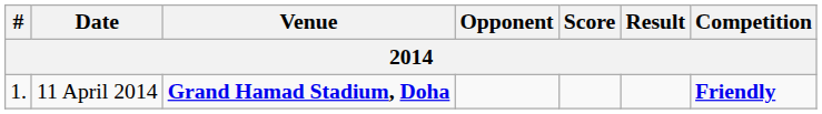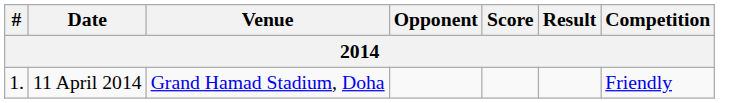 <table class="wikitable">
 <tr>
 <th>#</th>
 <th>Date</th>
 <th>Venue</th>
 <th>Opponent</th>
 <th>Score</th>
 <th>Result</th>
 <th>Competition</th>
 </tr>
 <tr>
 <th colspan="7">2014</th>
 </tr>
 <tr>
 <td>1.</td>
 <td>11 April 2014</td>
-<td><strong><a href='#'>Grand Hamad Stadium</a>, <a href='#'>Doha</a></strong></td>
+<td><a href='#'>Grand Hamad Stadium</a>, <a href='#'>Doha</a></td>
 <td></td>
 <td></td>
 <td></td>
-<td><strong><a href='#'>Friendly</a></strong></td>
+<td><a href='#'>Friendly</a></td>
 </tr>
 </table>
